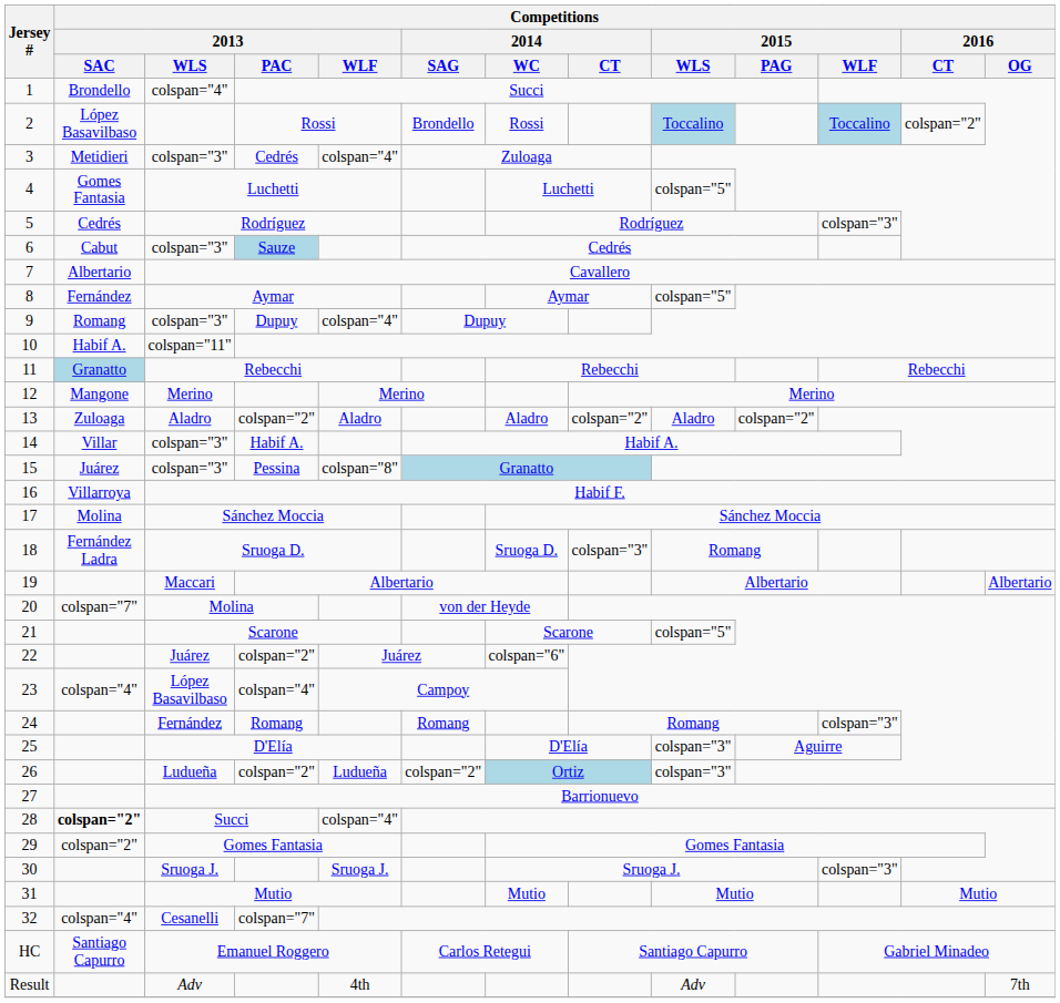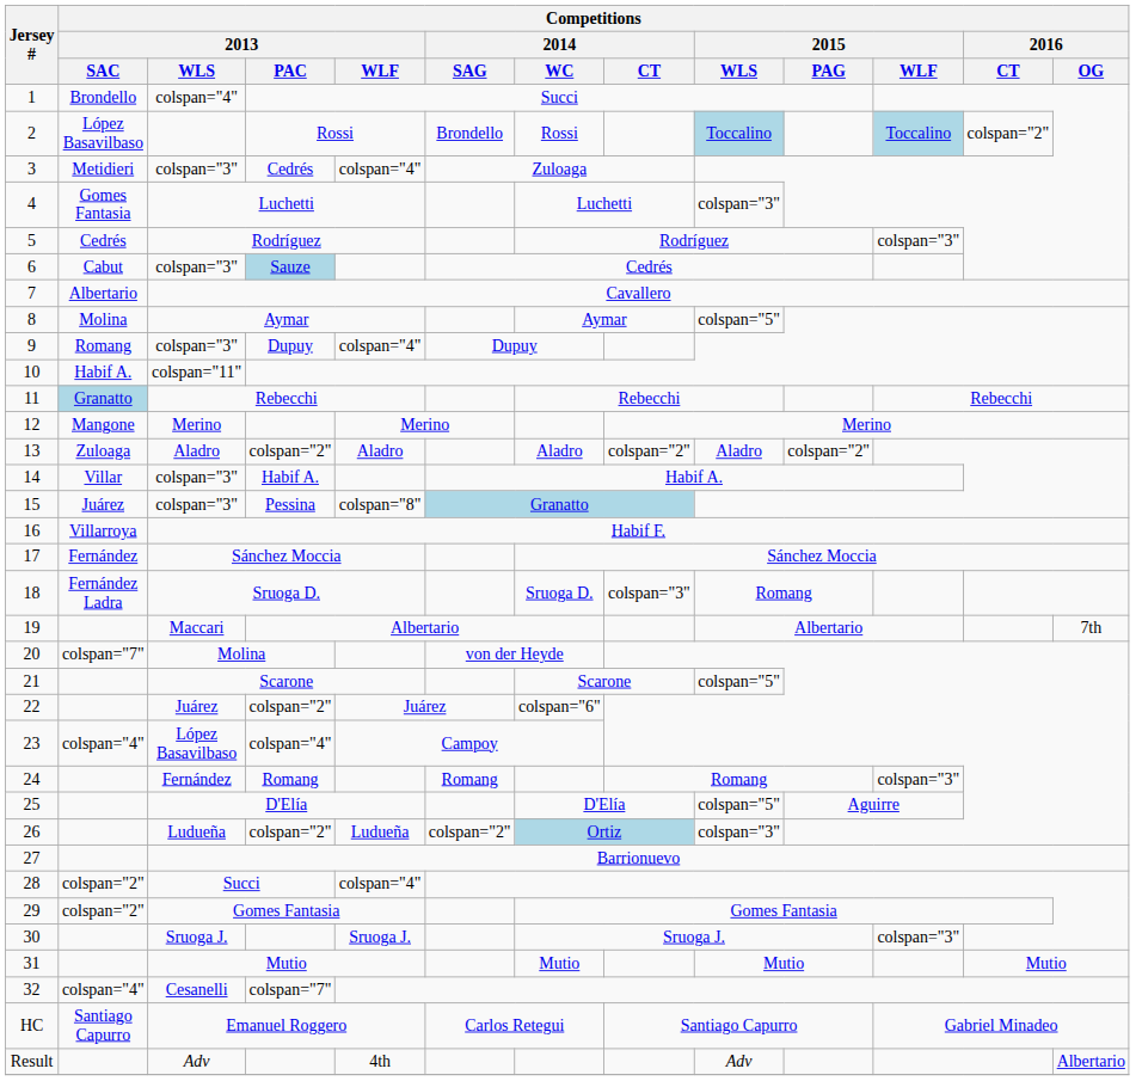 <table class="wikitable" style="text-align:center">
 <tr>
 <th rowspan="3">Jersey #</th>
 <th colspan="12">Competitions</th>
 </tr>
 <tr>
 <th colspan="4">2013</th>
 <th colspan="3">2014</th>
 <th colspan="3">2015</th>
 <th colspan="2">2016</th>
 </tr>
 <tr>
 <th><a href='#'>SAC</a></th>
 <th><a href='#'>WLS</a></th>
 <th><a href='#'>PAC</a></th>
 <th><a href='#'>WLF</a></th>
 <th><a href='#'>SAG</a></th>
 <th><a href='#'>WC</a></th>
 <th><a href='#'>CT</a></th>
 <th><a href='#'>WLS</a></th>
 <th><a href='#'>PAG</a></th>
 <th><a href='#'>WLF</a></th>
 <th><a href='#'>CT</a></th>
 <th><a href='#'>OG</a></th>
 </tr>
 <tr>
 <td>1</td>
 <td><a href='#'>Brondello</a></td>
 <td>colspan="4"</td>
 <td colspan="7"><a href='#'>Succi</a></td>
 </tr>
 <tr>
 <td>2</td>
 <td><a href='#'>López Basavilbaso</a></td>
 <td></td>
 <td colspan="2"><a href='#'>Rossi</a></td>
 <td><a href='#'>Brondello</a></td>
 <td><a href='#'>Rossi</a></td>
 <td></td>
 <td bgcolor="lightblue"><a href='#'>Toccalino</a></td>
 <td></td>
 <td bgcolor="lightblue"><a href='#'>Toccalino</a></td>
 <td>colspan="2"</td>
 </tr>
 <tr>
 <td>3</td>
 <td><a href='#'>Metidieri</a></td>
 <td>colspan="3"</td>
 <td><a href='#'>Cedrés</a></td>
 <td>colspan="4"</td>
 <td colspan="3"><a href='#'>Zuloaga</a></td>
 </tr>
 <tr>
 <td>4</td>
 <td><a href='#'>Gomes Fantasia</a></td>
 <td colspan="3"><a href='#'>Luchetti</a></td>
 <td></td>
 <td colspan="2"><a href='#'>Luchetti</a></td>
-<td>colspan="5"</td>
+<td>colspan="3"</td>
 </tr>
 <tr>
 <td>5</td>
 <td><a href='#'>Cedrés</a></td>
 <td colspan="3"><a href='#'>Rodríguez</a></td>
 <td></td>
 <td colspan="4"><a href='#'>Rodríguez</a></td>
 <td>colspan="3"</td>
 </tr>
 <tr>
 <td>6</td>
 <td><a href='#'>Cabut</a></td>
 <td>colspan="3"</td>
 <td bgcolor="lightblue"><a href='#'>Sauze</a></td>
 <td></td>
 <td colspan="5"><a href='#'>Cedrés</a></td>
 <td></td>
 </tr>
 <tr>
 <td>7</td>
 <td><a href='#'>Albertario</a></td>
 <td colspan="11"><a href='#'>Cavallero</a></td>
 </tr>
 <tr>
 <td>8</td>
-<td><a href='#'>Fernández</a></td>
+<td><a href='#'>Molina</a></td>
 <td colspan="3"><a href='#'>Aymar</a></td>
 <td></td>
 <td colspan="2"><a href='#'>Aymar</a></td>
 <td>colspan="5"</td>
 </tr>
 <tr>
 <td>9</td>
 <td><a href='#'>Romang</a></td>
 <td>colspan="3"</td>
 <td><a href='#'>Dupuy</a></td>
 <td>colspan="4"</td>
 <td colspan="2"><a href='#'>Dupuy</a></td>
 <td></td>
 </tr>
 <tr>
 <td>10</td>
 <td><a href='#'>Habif A.</a></td>
 <td>colspan="11"</td>
 </tr>
 <tr>
 <td>11</td>
 <td bgcolor="lightblue"><a href='#'>Granatto</a></td>
 <td colspan="3"><a href='#'>Rebecchi</a></td>
 <td></td>
 <td colspan="3"><a href='#'>Rebecchi</a></td>
 <td></td>
 <td colspan="3"><a href='#'>Rebecchi</a></td>
 </tr>
 <tr>
 <td>12</td>
 <td><a href='#'>Mangone</a></td>
 <td><a href='#'>Merino</a></td>
 <td></td>
 <td colspan="2"><a href='#'>Merino</a></td>
 <td></td>
 <td colspan="6"><a href='#'>Merino</a></td>
 </tr>
 <tr>
 <td>13</td>
 <td><a href='#'>Zuloaga</a></td>
 <td><a href='#'>Aladro</a></td>
 <td>colspan="2"</td>
 <td><a href='#'>Aladro</a></td>
 <td></td>
 <td><a href='#'>Aladro</a></td>
 <td>colspan="2"</td>
 <td><a href='#'>Aladro</a></td>
 <td>colspan="2"</td>
 </tr>
 <tr>
 <td>14</td>
 <td><a href='#'>Villar</a></td>
 <td>colspan="3"</td>
 <td><a href='#'>Habif A.</a></td>
 <td></td>
 <td colspan="6"><a href='#'>Habif A.</a></td>
 </tr>
 <tr>
 <td>15</td>
 <td><a href='#'>Juárez</a></td>
 <td>colspan="3"</td>
 <td><a href='#'>Pessina</a></td>
 <td>colspan="8"</td>
 <td colspan="3"bgcolor="lightblue"><a href='#'>Granatto</a></td>
 </tr>
 <tr>
 <td>16</td>
 <td><a href='#'>Villarroya</a></td>
 <td colspan="11"><a href='#'>Habif F.</a></td>
 </tr>
 <tr>
 <td>17</td>
-<td><a href='#'>Molina</a></td>
+<td><a href='#'>Fernández</a></td>
 <td colspan="3"><a href='#'>Sánchez Moccia</a></td>
 <td></td>
 <td colspan="7"><a href='#'>Sánchez Moccia</a></td>
 </tr>
 <tr>
 <td>18</td>
 <td><a href='#'>Fernández Ladra</a></td>
 <td colspan="3"><a href='#'>Sruoga D.</a></td>
 <td></td>
 <td><a href='#'>Sruoga D.</a></td>
 <td>colspan="3"</td>
 <td colspan="2"><a href='#'>Romang</a></td>
 <td></td>
 </tr>
 <tr>
 <td>19</td>
 <td></td>
 <td><a href='#'>Maccari</a></td>
 <td colspan="4"><a href='#'>Albertario</a></td>
 <td></td>
 <td colspan="3"><a href='#'>Albertario</a></td>
 <td></td>
-<td><a href='#'>Albertario</a></td>
+<td>7th</td>
 </tr>
 <tr>
 <td>20</td>
 <td>colspan="7"</td>
 <td colspan="2"><a href='#'>Molina</a></td>
 <td></td>
 <td colspan="2"><a href='#'>von der Heyde</a></td>
 </tr>
 <tr>
 <td>21</td>
 <td></td>
 <td colspan="3"><a href='#'>Scarone</a></td>
 <td></td>
 <td colspan="2"><a href='#'>Scarone</a></td>
 <td>colspan="5"</td>
 </tr>
 <tr>
 <td>22</td>
 <td></td>
 <td><a href='#'>Juárez</a></td>
 <td>colspan="2"</td>
 <td colspan="2"><a href='#'>Juárez</a></td>
 <td>colspan="6"</td>
 </tr>
 <tr>
 <td>23</td>
 <td>colspan="4"</td>
 <td><a href='#'>López Basavilbaso</a></td>
 <td>colspan="4"</td>
 <td colspan="3"><a href='#'>Campoy</a></td>
 </tr>
 <tr>
 <td>24</td>
 <td></td>
 <td><a href='#'>Fernández</a></td>
 <td><a href='#'>Romang</a></td>
 <td></td>
 <td><a href='#'>Romang</a></td>
 <td></td>
 <td colspan="3"><a href='#'>Romang</a></td>
 <td>colspan="3"</td>
 </tr>
 <tr>
 <td>25</td>
 <td></td>
 <td colspan="3"><a href='#'>D'Elía</a></td>
 <td></td>
 <td colspan="2"><a href='#'>D'Elía</a></td>
-<td>colspan="3"</td>
+<td>colspan="5"</td>
 <td colspan="2"><a href='#'>Aguirre</a></td>
 </tr>
 <tr>
 <td>26</td>
 <td></td>
 <td><a href='#'>Ludueña</a></td>
 <td>colspan="2"</td>
 <td><a href='#'>Ludueña</a></td>
 <td>colspan="2"</td>
 <td colspan="2"bgcolor="lightblue"><a href='#'>Ortiz</a></td>
 <td>colspan="3"</td>
 </tr>
 <tr>
 <td>27</td>
 <td></td>
 <td colspan="11"><a href='#'>Barrionuevo</a></td>
 </tr>
 <tr>
 <td>28</td>
-<td><strong>colspan="2"</strong></td>
+<td>colspan="2"</td>
 <td colspan="2"><a href='#'>Succi</a></td>
 <td>colspan="4"</td>
 </tr>
 <tr>
 <td>29</td>
 <td>colspan="2"</td>
 <td colspan="3"><a href='#'>Gomes Fantasia</a></td>
 <td></td>
 <td colspan="6"><a href='#'>Gomes Fantasia</a></td>
 </tr>
 <tr>
 <td>30</td>
 <td></td>
 <td><a href='#'>Sruoga J.</a></td>
 <td></td>
 <td><a href='#'>Sruoga J.</a></td>
 <td></td>
 <td colspan="4"><a href='#'>Sruoga J.</a></td>
 <td>colspan="3"</td>
 </tr>
 <tr>
 <td>31</td>
 <td></td>
 <td colspan="3"><a href='#'>Mutio</a></td>
 <td></td>
 <td><a href='#'>Mutio</a></td>
 <td></td>
 <td colspan="2"><a href='#'>Mutio</a></td>
 <td></td>
 <td colspan="2"><a href='#'>Mutio</a></td>
 </tr>
 <tr>
 <td>32</td>
 <td>colspan="4"</td>
 <td><a href='#'>Cesanelli</a></td>
 <td>colspan="7"</td>
 </tr>
 <tr>
 <td>HC</td>
 <td><a href='#'>Santiago Capurro</a></td>
 <td colspan="3"><a href='#'>Emanuel Roggero</a></td>
 <td colspan="2"><a href='#'>Carlos Retegui</a></td>
 <td colspan="3"><a href='#'>Santiago Capurro</a></td>
 <td colspan="3"><a href='#'>Gabriel Minadeo</a></td>
 </tr>
 <tr>
 <td>Result</td>
 <td></td>
 <td><em>Adv</em></td>
 <td></td>
 <td>4th</td>
 <td></td>
 <td></td>
 <td></td>
 <td><em>Adv</em></td>
 <td></td>
 <td colspan="2"></td>
-<td>7th</td>
+<td><a href='#'>Albertario</a></td>
 </tr>
 <tr>
 </tr>
 </table>
